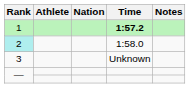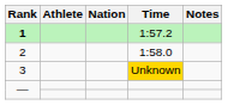 <table class="wikitable sortable" style="text-align:center">
 <tr>
 <th>Rank</th>
 <th>Athlete</th>
 <th>Nation</th>
 <th>Time</th>
 <th>Notes</th>
 </tr>
 <tr bgcolor=bbf3bb>
-<td>1</td>
+<td><strong>1</strong></td>
 <td align=left></td>
 <td align=left></td>
-<td><strong>1:57.2</strong></td>
+<td>1:57.2</td>
 <td></td>
 </tr>
 <tr>
-<td style="background: paleturquoise;">2</td>
+<td>2</td>
 <td align=left></td>
 <td align=left></td>
 <td>1:58.0</td>
 <td></td>
 </tr>
 <tr>
 <td>3</td>
 <td align=left></td>
 <td align=left></td>
-<td data-sort-value=5:00.0>Unknown</td>
+<td data-sort-value=5:00.0 style="background: gold;">Unknown</td>
 <td></td>
 </tr>
 <tr>
 <td rowspan=2 data-sort-value=4>—</td>
 <td align=left></td>
 <td align=left></td>
 <td></td>
 <td></td>
 </tr>
 <tr>
 <td align=left></td>
 <td align=left></td>
 <td></td>
 <td></td>
 </tr>
 </table>
